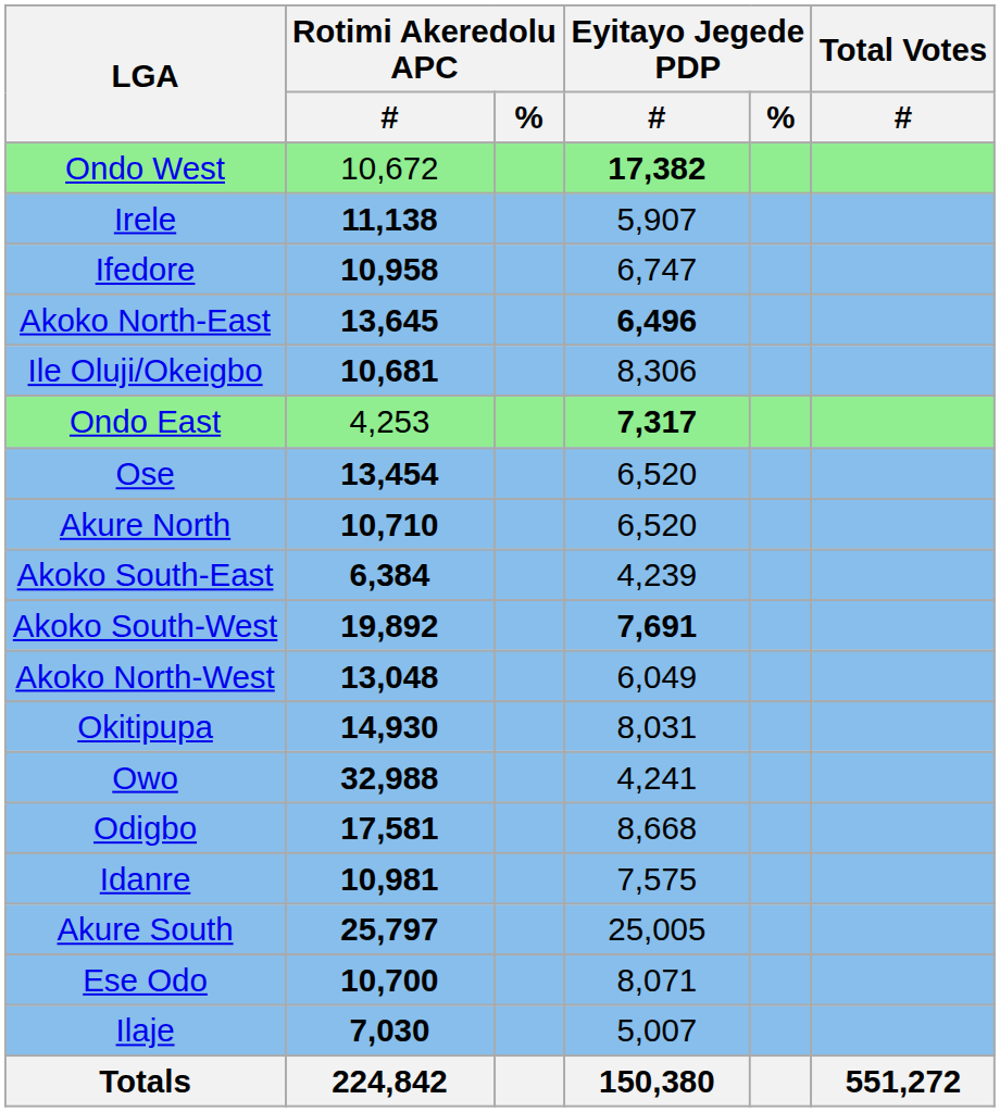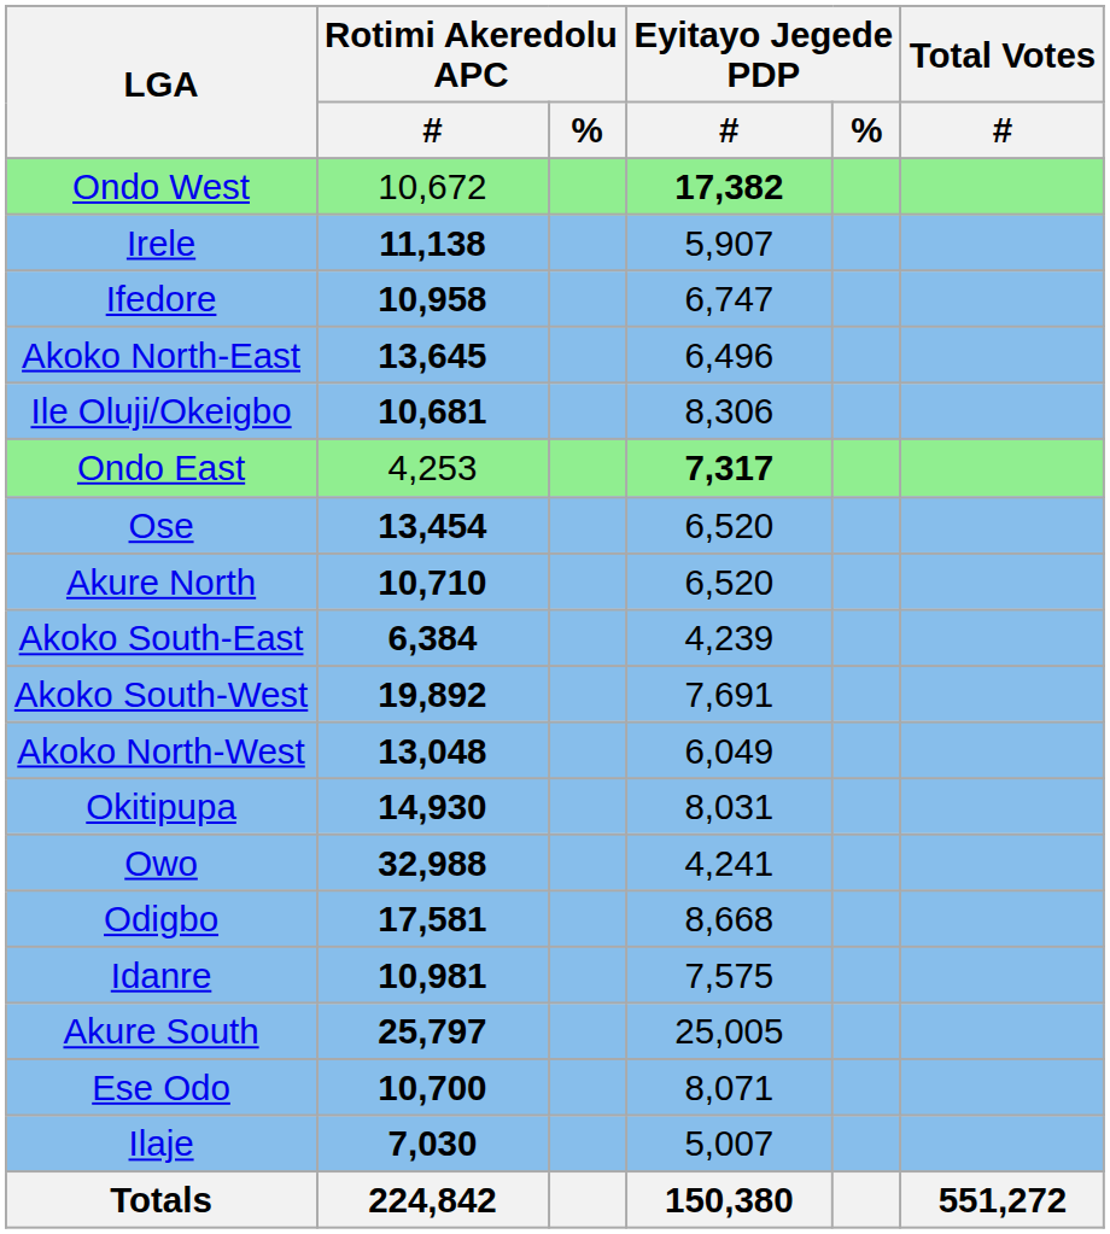 <table class="wikitable sortable" style=" font-size: 95%">
 <tr>
 <th rowspan="2">LGA</th>
 <th colspan="2">Rotimi Akeredolu<br>APC</th>
 <th colspan="2">Eyitayo Jegede<br>PDP</th>
 <th>Total Votes</th>
 </tr>
 <tr>
 <th>#</th>
 <th>%</th>
 <th>#</th>
 <th>%</th>
 <th>#</th>
 </tr>
 <tr>
 <td bgcolor=#90EE90 align="center"><a href='#'>Ondo West</a></td>
 <td bgcolor=#90EE90 align="center">10,672</td>
 <td bgcolor=#90EE90 align="center"></td>
 <td bgcolor=#90EE90 align="center"><strong>17,382</strong></td>
 <td bgcolor=#90EE90 align="center"></td>
 <td bgcolor=#90EE90 align="center"></td>
 </tr>
 <tr>
 <td bgcolor=#87BEEB align="center"><a href='#'>Irele</a></td>
 <td bgcolor=#87BEEB align="center"><strong>11,138</strong></td>
 <td bgcolor=#87BEEB align="center"></td>
 <td bgcolor=#87BEEB align="center">5,907</td>
 <td bgcolor=#87BEEB align="center"></td>
 <td bgcolor=#87BEEB align="center"></td>
 </tr>
 <tr>
 <td bgcolor=#87BEEB align="center"><a href='#'>Ifedore</a></td>
 <td bgcolor=#87BEEB align="center"><strong>10,958</strong></td>
 <td bgcolor=#87BEEB align="center"></td>
 <td bgcolor=#87BEEB align="center">6,747</td>
 <td bgcolor=#87BEEB align="center"></td>
 <td bgcolor=#87BEEB align="center"></td>
 </tr>
 <tr>
 <td bgcolor=#87BEEB align="center"><a href='#'>Akoko North-East</a></td>
 <td bgcolor=#87BEEB align="center"><strong>13,645</strong></td>
 <td bgcolor=#87BEEB align="center"></td>
-<td bgcolor=#87BEEB align="center"><strong>6,496</strong></td>
+<td bgcolor=#87BEEB align="center">6,496</td>
 <td bgcolor=#87BEEB align="center"></td>
 <td bgcolor=#87BEEB align="center"></td>
 </tr>
 <tr>
 <td bgcolor=#87BEEB align="center"><a href='#'>Ile Oluji/Okeigbo</a></td>
 <td bgcolor=#87BEEB align="center"><strong>10,681</strong></td>
 <td bgcolor=#87BEEB align="center"></td>
 <td bgcolor=#87BEEB align="center">8,306</td>
 <td bgcolor=#87BEEB align="center"></td>
 <td bgcolor=#87BEEB align="center"></td>
 </tr>
 <tr>
 <td bgcolor=#90EE90 align="center"><a href='#'>Ondo East</a></td>
 <td bgcolor=#90EE90 align="center">4,253</td>
 <td bgcolor=#90EE90 align="center"></td>
 <td bgcolor=#90EE90 align="center"><strong>7,317</strong></td>
 <td bgcolor=#90EE90 align="center"></td>
 <td bgcolor=#90EE90 align="center"></td>
 </tr>
 <tr>
 <td bgcolor=#87BEEB align="center"><a href='#'>Ose</a></td>
 <td bgcolor=#87BEEB align="center"><strong>13,454</strong></td>
 <td bgcolor=#87BEEB align="center"></td>
 <td bgcolor=#87BEEB align="center">6,520</td>
 <td bgcolor=#87BEEB align="center"></td>
 <td bgcolor=#87BEEB align="center"></td>
 </tr>
 <tr>
 <td bgcolor=#87BEEB align="center"><a href='#'>Akure North</a></td>
 <td bgcolor=#87BEEB align="center"><strong>10,710</strong></td>
 <td bgcolor=#87BEEB align="center"></td>
 <td bgcolor=#87BEEB align="center">6,520</td>
 <td bgcolor=#87BEEB align="center"></td>
 <td bgcolor=#87BEEB align="center"></td>
 </tr>
 <tr>
 <td bgcolor=#87BEEB align="center"><a href='#'>Akoko South-East</a></td>
 <td bgcolor=#87BEEB align="center"><strong>6,384</strong></td>
 <td bgcolor=#87BEEB align="center"></td>
 <td bgcolor=#87BEEB align="center">4,239</td>
 <td bgcolor=#87BEEB align="center"></td>
 <td bgcolor=#87BEEB align="center"></td>
 </tr>
 <tr>
 <td bgcolor=#87BEEB align="center"><a href='#'>Akoko South-West</a></td>
 <td bgcolor=#87BEEB align="center"><strong>19,892</strong></td>
 <td bgcolor=#87BEEB align="center"></td>
-<td bgcolor=#87BEEB align="center"><strong>7,691</strong></td>
+<td bgcolor=#87BEEB align="center">7,691</td>
 <td bgcolor=#87BEEB align="center"></td>
 <td bgcolor=#87BEEB align="center"></td>
 </tr>
 <tr>
 <td bgcolor=#87BEEB align="center"><a href='#'>Akoko North-West</a></td>
 <td bgcolor=#87BEEB align="center"><strong>13,048</strong></td>
 <td bgcolor=#87BEEB align="center"></td>
 <td bgcolor=#87BEEB align="center">6,049</td>
 <td bgcolor=#87BEEB align="center"></td>
 <td bgcolor=#87BEEB align="center"></td>
 </tr>
 <tr>
 <td bgcolor=#87BEEB align="center"><a href='#'>Okitipupa</a></td>
 <td bgcolor=#87BEEB align="center"><strong>14,930</strong></td>
 <td bgcolor=#87BEEB align="center"></td>
 <td bgcolor=#87BEEB align="center">8,031</td>
 <td bgcolor=#87BEEB align="center"></td>
 <td bgcolor=#87BEEB align="center"></td>
 </tr>
 <tr>
 <td bgcolor=#87BEEB align="center"><a href='#'>Owo</a></td>
 <td bgcolor=#87BEEB align="center"><strong>32,988</strong></td>
 <td bgcolor=#87BEEB align="center"></td>
 <td bgcolor=#87BEEB align="center">4,241</td>
 <td bgcolor=#87BEEB align="center"></td>
 <td bgcolor=#87BEEB align="center"></td>
 </tr>
 <tr>
 <td bgcolor=#87BEEB align="center"><a href='#'>Odigbo</a></td>
 <td bgcolor=#87BEEB align="center"><strong>17,581</strong></td>
 <td bgcolor=#87BEEB align="center"></td>
 <td bgcolor=#87BEEB align="center">8,668</td>
 <td bgcolor=#87BEEB align="center"></td>
 <td bgcolor=#87BEEB align="center"></td>
 </tr>
 <tr>
 <td bgcolor=#87BEEB align="center"><a href='#'>Idanre</a></td>
 <td bgcolor=#87BEEB align="center"><strong>10,981</strong></td>
 <td bgcolor=#87BEEB align="center"></td>
 <td bgcolor=#87BEEB align="center">7,575</td>
 <td bgcolor=#87BEEB align="center"></td>
 <td bgcolor=#87BEEB align="center"></td>
 </tr>
 <tr>
 <td bgcolor=#87BEEB align="center"><a href='#'>Akure South</a></td>
 <td bgcolor=#87BEEB align="center"><strong>25,797</strong></td>
 <td bgcolor=#87BEEB align="center"></td>
 <td bgcolor=#87BEEB align="center">25,005</td>
 <td bgcolor=#87BEEB align="center"></td>
 <td bgcolor=#87BEEB align="center"></td>
 </tr>
 <tr>
 <td bgcolor=#87BEEB align="center"><a href='#'>Ese Odo</a></td>
 <td bgcolor=#87BEEB align="center"><strong>10,700</strong></td>
 <td bgcolor=#87BEEB align="center"></td>
 <td bgcolor=#87BEEB align="center">8,071</td>
 <td bgcolor=#87BEEB align="center"></td>
 <td bgcolor=#87BEEB align="center"></td>
 </tr>
 <tr>
 <td bgcolor=#87BEEB align="center"><a href='#'>Ilaje</a></td>
 <td bgcolor=#87BEEB align="center"><strong>7,030</strong></td>
 <td bgcolor=#87BEEB align="center"></td>
 <td bgcolor=#87BEEB align="center">5,007</td>
 <td bgcolor=#87BEEB align="center"></td>
 <td bgcolor=#87BEEB align="center"></td>
 </tr>
 <tr>
 <th>Totals</th>
 <th><strong>224,842</strong></th>
 <th></th>
 <th><strong>150,380</strong></th>
 <th></th>
 <th>551,272</th>
 </tr>
 </table>
